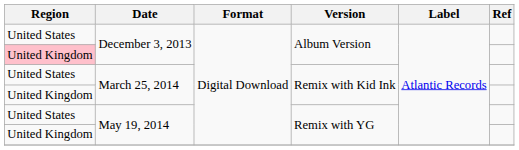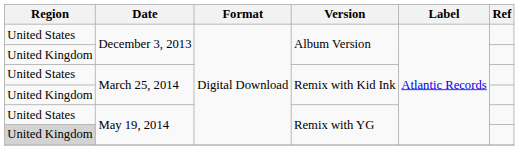 <table class="wikitable">
 <tr>
 <th>Region</th>
 <th>Date</th>
 <th>Format</th>
 <th>Version</th>
 <th>Label</th>
 <th>Ref</th>
 </tr>
 <tr>
 <td>United States</td>
 <td rowspan=2>December 3, 2013</td>
 <td rowspan=6>Digital Download</td>
 <td rowspan=2>Album Version</td>
 <td rowspan=6><a href='#'>Atlantic Records</a></td>
 <td></td>
 </tr>
 <tr>
-<td style="background: pink;">United Kingdom</td>
+<td>United Kingdom</td>
 <td></td>
 </tr>
 <tr>
 <td>United States</td>
 <td rowspan=2>March 25, 2014</td>
 <td rowspan=2>Remix with Kid Ink</td>
 <td></td>
 </tr>
 <tr>
 <td>United Kingdom</td>
 <td></td>
 </tr>
 <tr>
 <td>United States</td>
 <td rowspan=2>May 19, 2014</td>
 <td rowspan=2>Remix with YG</td>
 <td></td>
 </tr>
 <tr>
-<td>United Kingdom</td>
+<td style="background: lightgrey;">United Kingdom</td>
 <td></td>
 </tr>
 <tr>
 </tr>
 </table>
